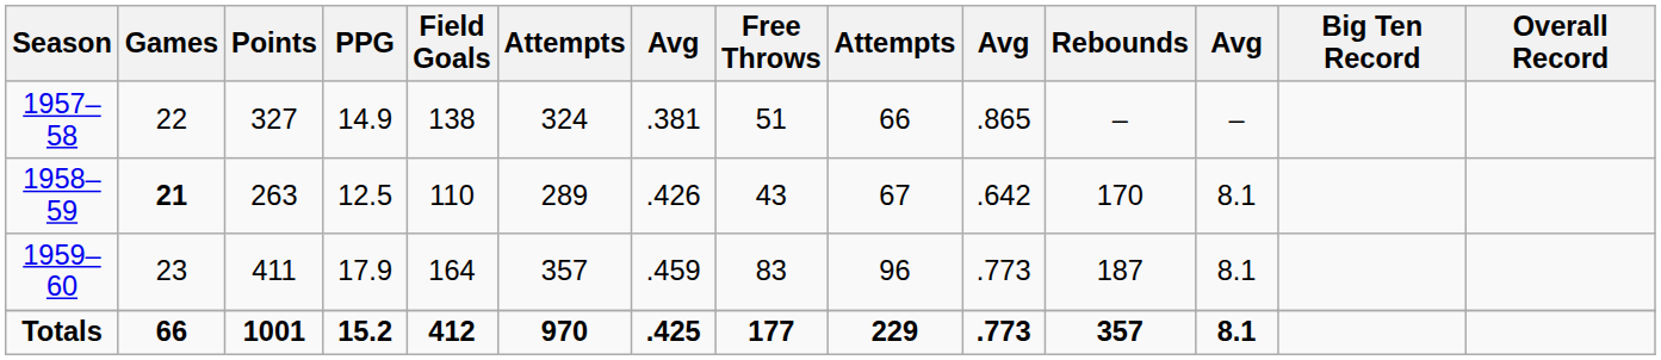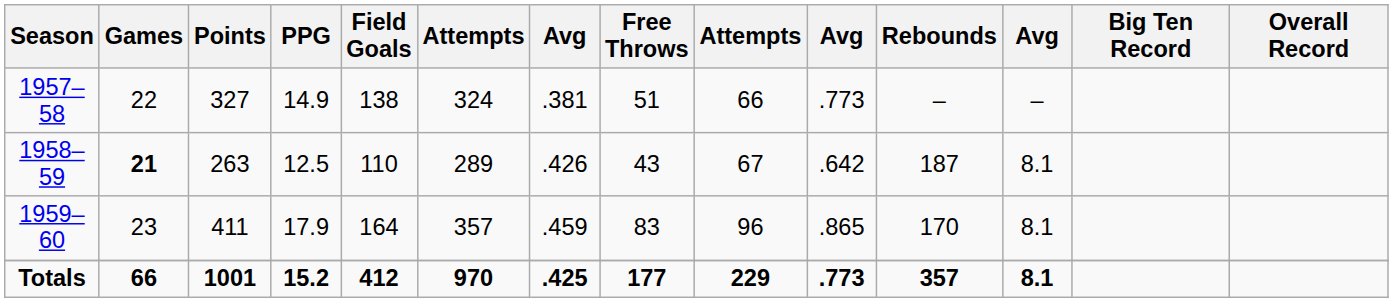 <table class="wikitable sortable" style="text-align:center">
 <tr>
 <th width=40px>Season</th>
 <th width=40px>Games</th>
 <th width=40px>Points</th>
 <th width=40px>PPG</th>
 <th width=40px>Field Goals</th>
 <th width=40px>Attempts</th>
 <th width=40px>Avg</th>
 <th width=40px>Free Throws</th>
 <th width=40px>Attempts</th>
 <th width=40px>Avg</th>
 <th width=40px>Rebounds</th>
 <th width=40px>Avg</th>
 <th width=100px>Big Ten <br>Record</th>
 <th width=100px>Overall <br>Record</th>
 </tr>
 <tr>
 <td><a href='#'>1957–58</a></td>
 <td>22</td>
 <td>327</td>
 <td>14.9</td>
 <td>138</td>
 <td>324</td>
 <td>.381</td>
 <td>51</td>
 <td>66</td>
-<td>.865</td>
+<td>.773</td>
 <td>–</td>
 <td>–</td>
 <td></td>
 <td></td>
 </tr>
 <tr>
 <td><a href='#'>1958–59</a></td>
 <td><strong>21</strong></td>
 <td>263</td>
 <td>12.5</td>
 <td>110</td>
 <td>289</td>
 <td>.426</td>
 <td>43</td>
 <td>67</td>
 <td>.642</td>
-<td>170</td>
+<td>187</td>
 <td>8.1</td>
 <td></td>
 <td></td>
 </tr>
 <tr>
 <td><a href='#'>1959–60</a></td>
 <td>23</td>
 <td>411</td>
 <td>17.9</td>
 <td>164</td>
 <td>357</td>
 <td>.459</td>
 <td>83</td>
 <td>96</td>
-<td>.773</td>
-<td>187</td>
+<td>.865</td>
+<td>170</td>
 <td>8.1</td>
 <td></td>
 <td></td>
 </tr>
 <tr>
 </tr>
 <tr class="sortbottom">
 <td><strong>Totals</strong></td>
 <td><strong>66</strong></td>
 <td><strong>1001</strong></td>
 <td><strong>15.2</strong></td>
 <td><strong>412</strong></td>
 <td><strong>970</strong></td>
 <td><strong>.425</strong></td>
 <td><strong>177</strong></td>
 <td><strong>229</strong></td>
 <td><strong>.773</strong></td>
 <td><strong>357</strong></td>
 <td><strong>8.1</strong></td>
 <td><strong></strong></td>
 <td><strong></strong></td>
 </tr>
 </table>
